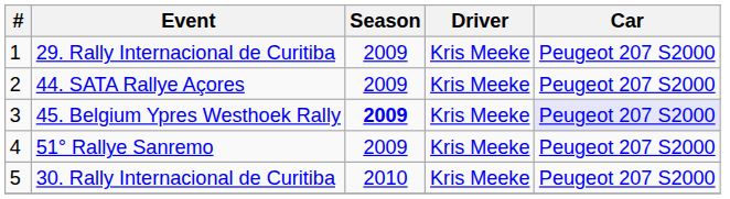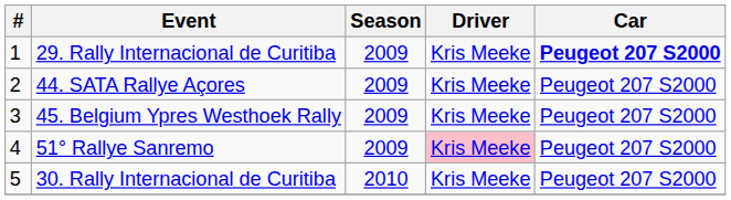 <table class="wikitable" style=" font-size: 95%; max-width: 49em;">
 <tr>
 <th>#</th>
 <th>Event</th>
 <th>Season</th>
 <th>Driver</th>
 <th>Car</th>
 </tr>
 <tr>
 <td align="right" style="padding-right: 0.5em;">1</td>
 <td> <a href='#'>29. Rally Internacional de Curitiba</a></td>
 <td align="center"><a href='#'>2009</a></td>
 <td> <a href='#'>Kris Meeke</a></td>
-<td><a href='#'>Peugeot 207 S2000</a></td>
+<td><strong><a href='#'>Peugeot 207 S2000</a></strong></td>
 </tr>
 <tr>
 <td align="right" style="padding-right: 0.5em;">2</td>
 <td> <a href='#'>44. SATA Rallye Açores</a></td>
 <td align="center"><a href='#'>2009</a></td>
 <td> <a href='#'>Kris Meeke</a></td>
 <td><a href='#'>Peugeot 207 S2000</a></td>
 </tr>
 <tr>
 <td align="right" style="padding-right: 0.5em;">3</td>
 <td> <a href='#'>45. Belgium Ypres Westhoek Rally</a></td>
-<td align="center"><strong><a href='#'>2009</a></strong></td>
+<td align="center"><a href='#'>2009</a></td>
 <td> <a href='#'>Kris Meeke</a></td>
-<td style="background: lavender;"><a href='#'>Peugeot 207 S2000</a></td>
+<td><a href='#'>Peugeot 207 S2000</a></td>
 </tr>
 <tr>
 <td align="right" style="padding-right: 0.5em;">4</td>
 <td> <a href='#'>51° Rallye Sanremo</a></td>
 <td align="center"><a href='#'>2009</a></td>
-<td> <a href='#'>Kris Meeke</a></td>
+<td style="background: pink;"> <a href='#'>Kris Meeke</a></td>
 <td><a href='#'>Peugeot 207 S2000</a></td>
 </tr>
 <tr>
 <td align="right" style="padding-right: 0.5em;">5</td>
 <td> <a href='#'>30. Rally Internacional de Curitiba</a></td>
 <td align="center"><a href='#'>2010</a></td>
 <td> <a href='#'>Kris Meeke</a></td>
 <td><a href='#'>Peugeot 207 S2000</a></td>
 </tr>
 <tr>
 </tr>
 </table>
